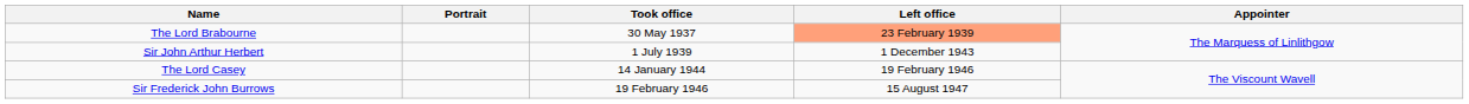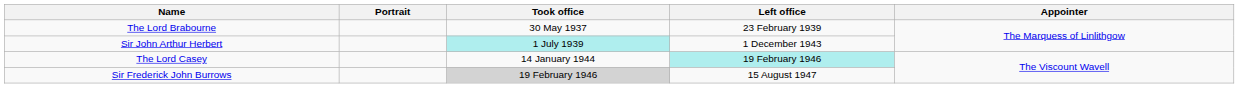 <table class="wikitable"  width="100%" style="text-align:center;">
 <tr>
 <th>Name</th>
 <th>Portrait</th>
 <th>Took office</th>
 <th>Left office</th>
 <th>Appointer</th>
 </tr>
 <tr>
 <td><a href='#'>The Lord Brabourne</a></td>
 <td></td>
 <td>30 May 1937</td>
-<td style="background: lightsalmon;">23 February 1939</td>
+<td>23 February 1939</td>
 <td rowspan="2"><a href='#'>The Marquess of Linlithgow</a></td>
 </tr>
 <tr>
 <td><a href='#'>Sir John Arthur Herbert</a></td>
 <td></td>
-<td>1 July 1939</td>
+<td style="background: paleturquoise;">1 July 1939</td>
 <td>1 December 1943</td>
 </tr>
 <tr>
 <td><a href='#'>The Lord Casey</a></td>
 <td></td>
 <td>14 January 1944</td>
-<td>19 February 1946</td>
+<td style="background: paleturquoise;">19 February 1946</td>
 <td rowspan="2"><a href='#'>The Viscount Wavell</a></td>
 </tr>
 <tr>
 <td><a href='#'>Sir Frederick John Burrows</a></td>
 <td></td>
-<td>19 February 1946</td>
+<td style="background: lightgrey;">19 February 1946</td>
 <td>15 August 1947</td>
 </tr>
 </table>
